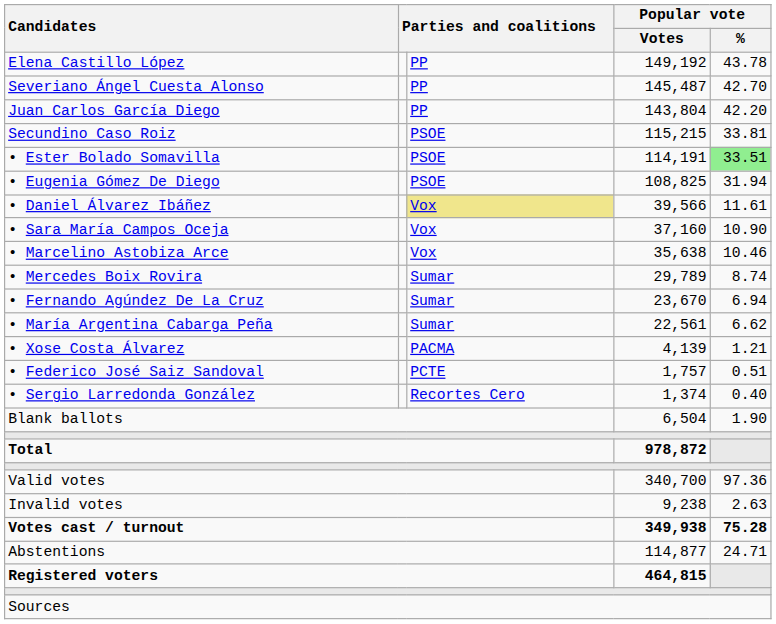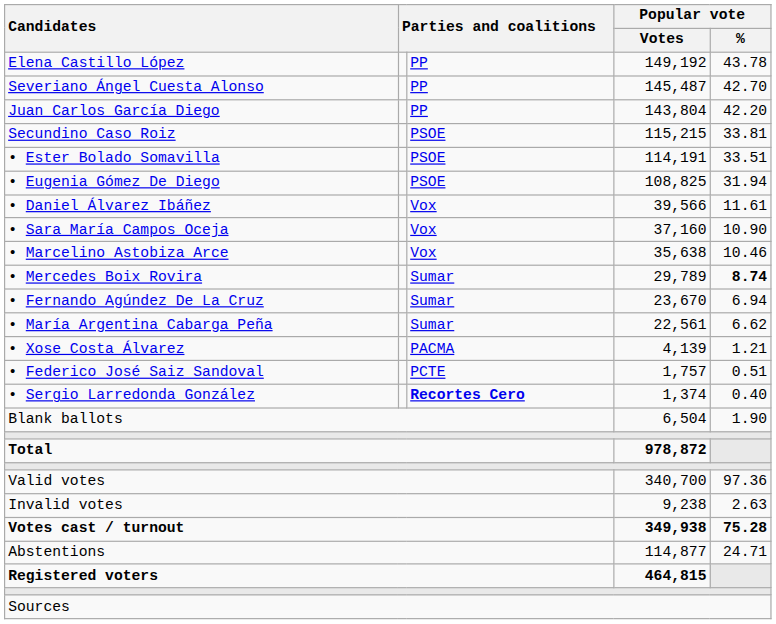 <table class="wikitable" style="text-align:right; font-size:95%;">
 <tr>
 <th style="text-align:left;" rowspan="2" width="325">Candidates</th>
 <th style="text-align:left;" rowspan="2" colspan="2" width="175">Parties and coalitions</th>
 <th colspan="2">Popular vote</th>
 </tr>
 <tr>
 <th width="75">Votes</th>
 <th width="45">%</th>
 </tr>
 <tr>
 <td align="left"> <a href='#'>Elena Castillo López</a></td>
 <td width="1" style="color:inherit;background:"></td>
 <td align="left"><a href='#'>PP</a></td>
 <td>149,192</td>
 <td>43.78</td>
 </tr>
 <tr>
 <td align="left"> <a href='#'>Severiano Ángel Cuesta Alonso</a></td>
 <td width="1" style="color:inherit;background:"></td>
 <td align="left"><a href='#'>PP</a></td>
 <td>145,487</td>
 <td>42.70</td>
 </tr>
 <tr>
 <td align="left"> <a href='#'>Juan Carlos García Diego</a></td>
 <td width="1" style="color:inherit;background:"></td>
 <td align="left"><a href='#'>PP</a></td>
 <td>143,804</td>
 <td>42.20</td>
 </tr>
 <tr>
 <td align="left"> <a href='#'>Secundino Caso Roiz</a></td>
 <td width="1" style="color:inherit;background:"></td>
 <td align="left"><a href='#'>PSOE</a></td>
 <td>115,215</td>
 <td>33.81</td>
 </tr>
 <tr>
 <td align="left">• <a href='#'>Ester Bolado Somavilla</a></td>
 <td width="1" style="color:inherit;background:"></td>
 <td align="left"><a href='#'>PSOE</a></td>
 <td>114,191</td>
-<td style="background: lightgreen;">33.51</td>
+<td>33.51</td>
 </tr>
 <tr>
 <td align="left">• <a href='#'>Eugenia Gómez De Diego</a></td>
 <td width="1" style="color:inherit;background:"></td>
 <td align="left"><a href='#'>PSOE</a></td>
 <td>108,825</td>
 <td>31.94</td>
 </tr>
 <tr>
 <td align="left">• <a href='#'>Daniel Álvarez Ibáñez</a></td>
 <td width="1" style="color:inherit;background:"></td>
-<td align="left" style="background: khaki;"><a href='#'>Vox</a></td>
+<td align="left"><a href='#'>Vox</a></td>
 <td>39,566</td>
 <td>11.61</td>
 </tr>
 <tr>
 <td align="left">• <a href='#'>Sara María Campos Oceja</a></td>
 <td width="1" style="color:inherit;background:"></td>
 <td align="left"><a href='#'>Vox</a></td>
 <td>37,160</td>
 <td>10.90</td>
 </tr>
 <tr>
 <td align="left">• <a href='#'>Marcelino Astobiza Arce</a></td>
 <td width="1" style="color:inherit;background:"></td>
 <td align="left"><a href='#'>Vox</a></td>
 <td>35,638</td>
 <td>10.46</td>
 </tr>
 <tr>
 <td align="left">• <a href='#'>Mercedes Boix Rovira</a></td>
 <td width="1" style="color:inherit;background:"></td>
 <td align="left"><a href='#'>Sumar</a></td>
 <td>29,789</td>
-<td>8.74</td>
+<td><strong>8.74</strong></td>
 </tr>
 <tr>
 <td align="left">• <a href='#'>Fernando Agúndez De La Cruz</a></td>
 <td width="1" style="color:inherit;background:"></td>
 <td align="left"><a href='#'>Sumar</a></td>
 <td>23,670</td>
 <td>6.94</td>
 </tr>
 <tr>
 <td align="left">• <a href='#'>María Argentina Cabarga Peña</a></td>
 <td width="1" style="color:inherit;background:"></td>
 <td align="left"><a href='#'>Sumar</a></td>
 <td>22,561</td>
 <td>6.62</td>
 </tr>
 <tr>
 <td align="left">• <a href='#'>Xose Costa Álvarez</a></td>
 <td width="1" style="color:inherit;background:"></td>
 <td align="left"><a href='#'>PACMA</a></td>
 <td>4,139</td>
 <td>1.21</td>
 </tr>
 <tr>
 <td align="left">• <a href='#'>Federico José Saiz Sandoval</a></td>
 <td width="1" style="color:inherit;background:"></td>
 <td align="left"><a href='#'>PCTE</a></td>
 <td>1,757</td>
 <td>0.51</td>
 </tr>
 <tr>
 <td align="left">• <a href='#'>Sergio Larredonda González</a></td>
 <td width="1" style="color:inherit;background:"></td>
-<td align="left"><a href='#'>Recortes Cero</a></td>
+<td align="left"><strong><a href='#'>Recortes Cero</a></strong></td>
 <td>1,374</td>
 <td>0.40</td>
 </tr>
 <tr>
 <td align="left" colspan="3">Blank ballots</td>
 <td>6,504</td>
 <td>1.90</td>
 </tr>
 <tr>
 <td colspan="5" bgcolor="#E9E9E9"></td>
 </tr>
 <tr style="font-weight:bold;">
 <td align="left" colspan="3">Total</td>
 <td>978,872</td>
 <td bgcolor="#E9E9E9"></td>
 </tr>
 <tr>
 <td colspan="5" bgcolor="#E9E9E9"></td>
 </tr>
 <tr>
 <td align="left" colspan="3">Valid votes</td>
 <td>340,700</td>
 <td>97.36</td>
 </tr>
 <tr>
 <td align="left" colspan="3">Invalid votes</td>
 <td>9,238</td>
 <td>2.63</td>
 </tr>
 <tr style="font-weight:bold;">
 <td align="left" colspan="3">Votes cast / turnout</td>
 <td>349,938</td>
 <td>75.28</td>
 </tr>
 <tr>
 <td align="left" colspan="3">Abstentions</td>
 <td>114,877</td>
 <td>24.71</td>
 </tr>
 <tr style="font-weight:bold;">
 <td align="left" colspan="3">Registered voters</td>
 <td>464,815</td>
 <td bgcolor="#E9E9E9"></td>
 </tr>
 <tr>
 <td colspan="5" bgcolor="#E9E9E9"></td>
 </tr>
 <tr>
 <td align="left" colspan="5">Sources</td>
 </tr>
 </table>
